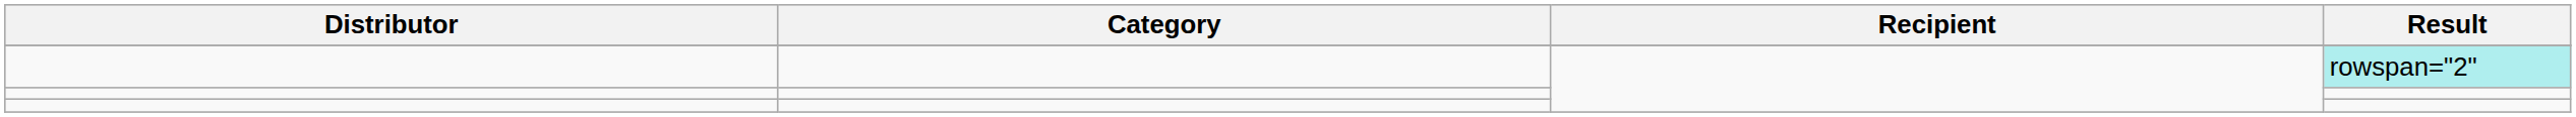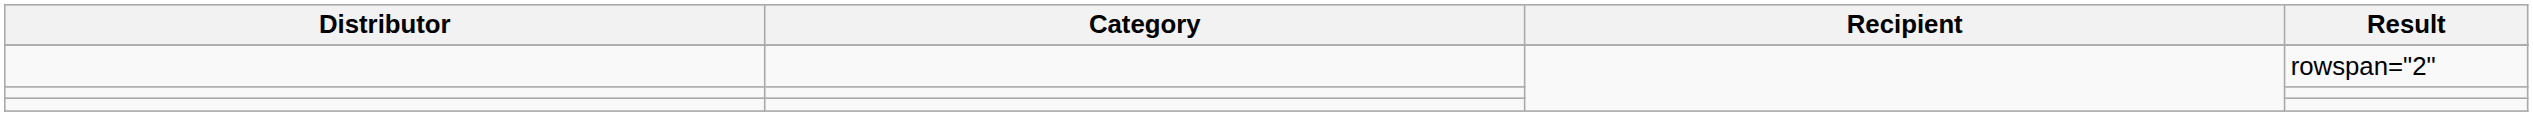 <table class="wikitable" style="width:99%;"  >
 <tr>
 <th width="25%" scope="col">Distributor</th>
 <th width="25%" scope="col">Category</th>
 <th width="25%" scope="col">Recipient</th>
 <th width="8%" scope="col">Result</th>
 </tr>
 <tr>
 </tr>
 <tr>
 <td></td>
 <td></td>
 <td rowspan="3"></td>
-<td style="background: paleturquoise;">rowspan="2" </td>
+<td>rowspan="2" </td>
 </tr>
 <tr>
 <td></td>
 <td></td>
 </tr>
 <tr>
 <td></td>
 <td></td>
 <td></td>
 </tr>
 </table>
